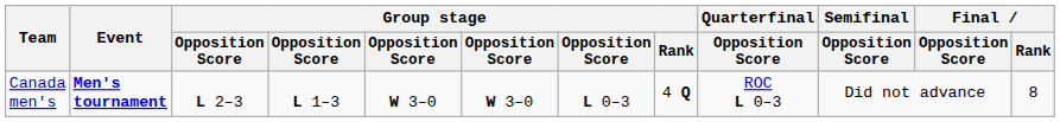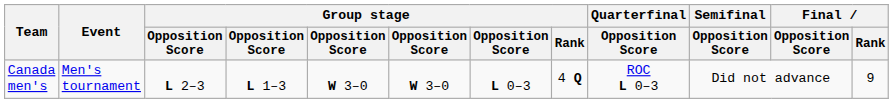 <table class=wikitable style=font-size:90%>
 <tr>
 <th rowspan=2>Team</th>
 <th rowspan=2>Event</th>
 <th colspan=6>Group stage</th>
 <th>Quarterfinal</th>
 <th>Semifinal</th>
 <th colspan=2>Final / </th>
 </tr>
 <tr style=font-size:95%>
 <th>Opposition<br>Score</th>
 <th>Opposition<br>Score</th>
 <th>Opposition<br>Score</th>
 <th>Opposition<br>Score</th>
 <th>Opposition<br>Score</th>
 <th>Rank</th>
 <th>Opposition<br>Score</th>
 <th>Opposition<br>Score</th>
 <th>Opposition<br>Score</th>
 <th>Rank</th>
 </tr>
 <tr align=center>
 <td align=left><a href='#'>Canada men's</a></td>
-<td align=left><strong><a href='#'>Men's tournament</a></strong></td>
+<td align=left><a href='#'>Men's tournament</a></td>
 <td><br><strong>L</strong> 2–3</td>
 <td><br><strong>L</strong> 1–3</td>
 <td><br><strong>W</strong> 3–0</td>
 <td><br><strong>W</strong> 3–0</td>
 <td><br><strong>L</strong> 0–3</td>
 <td>4 <strong>Q</strong></td>
 <td> <a href='#'>ROC</a><br><strong>L</strong> 0–3</td>
 <td colspan=2>Did not advance</td>
-<td>8</td>
+<td>9</td>
 </tr>
 </table>
